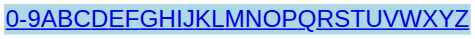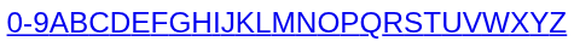 <table id="toc" class="toc" summary="Class">
 <tr>
 <th></th>
 </tr>
 <tr>
-<td style="background: lightblue; text-align:center;"><a href='#'>0-9</a><a href='#'>A</a><a href='#'>B</a><a href='#'>C</a><a href='#'>D</a><a href='#'>E</a><a href='#'>F</a><a href='#'>G</a><a href='#'>H</a><a href='#'>I</a><a href='#'>J</a><a href='#'>K</a><a href='#'>L</a><a href='#'>M</a><a href='#'>N</a><a href='#'>O</a><a href='#'>P</a><a href='#'>Q</a><a href='#'>R</a><a href='#'>S</a><a href='#'>T</a><a href='#'>U</a><a href='#'>V</a><a href='#'>W</a><a href='#'>X</a><a href='#'>Y</a><a href='#'>Z</a></td>
+<td style="text-align:center;"><a href='#'>0-9</a><a href='#'>A</a><a href='#'>B</a><a href='#'>C</a><a href='#'>D</a><a href='#'>E</a><a href='#'>F</a><a href='#'>G</a><a href='#'>H</a><a href='#'>I</a><a href='#'>J</a><a href='#'>K</a><a href='#'>L</a><a href='#'>M</a><a href='#'>N</a><a href='#'>O</a><a href='#'>P</a><a href='#'>Q</a><a href='#'>R</a><a href='#'>S</a><a href='#'>T</a><a href='#'>U</a><a href='#'>V</a><a href='#'>W</a><a href='#'>X</a><a href='#'>Y</a><a href='#'>Z</a></td>
 </tr>
 </table>
